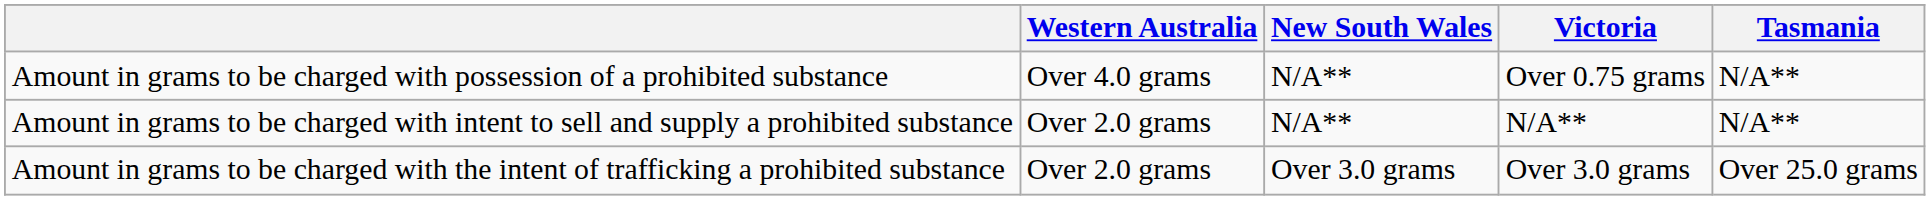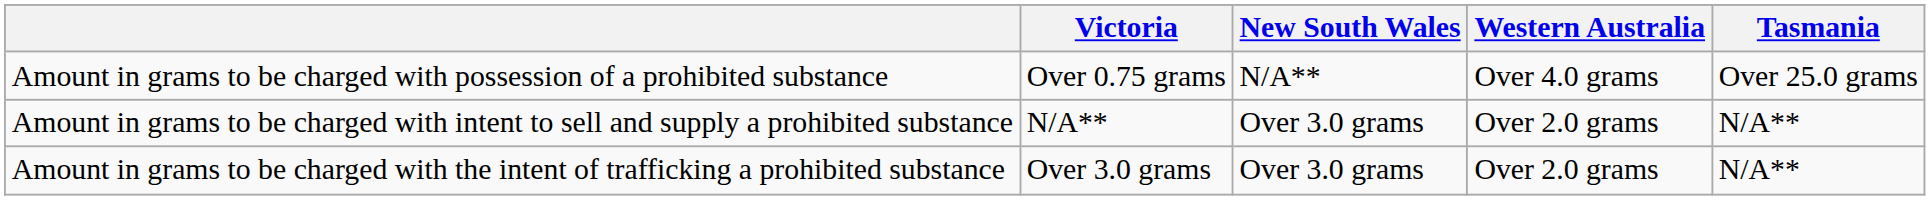 <table class="wikitable">
 <tr>
 <th></th>
+<th><a href='#'>Victoria</a></th>
+<th><a href='#'>New South Wales</a></th>
 <th><a href='#'>Western Australia</a></th>
-<th><a href='#'>New South Wales</a></th>
-<th><a href='#'>Victoria</a></th>
 <th><a href='#'>Tasmania</a></th>
 </tr>
 <tr>
 <td>Amount in grams to be charged with possession of a prohibited substance</td>
-<td>Over 4.0 grams </td>
-<td>N/A**</td>
 <td>Over 0.75 grams </td>
 <td>N/A**</td>
+<td>Over 4.0 grams </td>
+<td>Over 25.0 grams</td>
 </tr>
 <tr>
 <td>Amount in grams to be charged with intent to sell and supply a prohibited substance</td>
+<td>N/A**</td>
+<td>Over 3.0 grams </td>
 <td>Over 2.0 grams </td>
-<td>N/A**</td>
-<td>N/A**</td>
 <td>N/A**</td>
 </tr>
 <tr>
 <td>Amount in grams to be charged with the intent of trafficking a prohibited substance</td>
-<td>Over 2.0 grams </td>
 <td>Over 3.0 grams</td>
 <td>Over 3.0 grams</td>
-<td>Over 25.0 grams</td>
+<td>Over 2.0 grams </td>
+<td>N/A**</td>
 </tr>
 </table>
